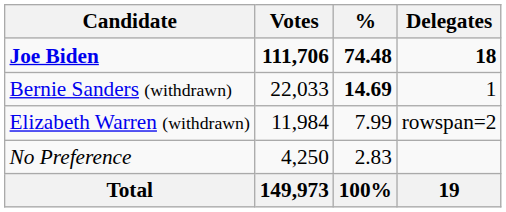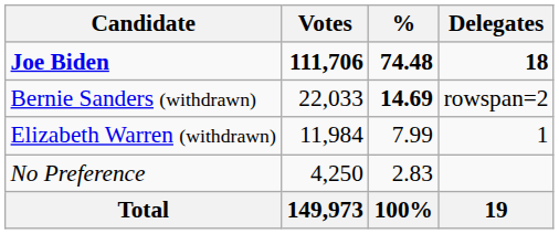 <table class="wikitable sortable" style="text-align:right;">
 <tr>
 <th>Candidate</th>
 <th>Votes</th>
 <th>%</th>
 <th>Delegates</th>
 </tr>
 <tr>
 <td style="text-align:left;" data-sort-value="Biden, Joe"><strong><a href='#'>Joe Biden</a></strong></td>
 <td><strong>111,706</strong></td>
 <td><strong>74.48</strong></td>
 <td><strong>18</strong></td>
 </tr>
 <tr>
 <td style="text-align:left;" data-sort-value="Sanders, Bernie"><a href='#'>Bernie Sanders</a> <small>(withdrawn)</small></td>
 <td>22,033</td>
 <td><strong>14.69</strong></td>
-<td>1</td>
+<td>rowspan=2 </td>
 </tr>
 <tr>
 <td style="text-align:left;" data-sort-value="Warren, Elizabeth"><a href='#'>Elizabeth Warren</a> <small>(withdrawn)</small></td>
 <td>11,984</td>
 <td>7.99</td>
-<td>rowspan=2 </td>
+<td>1</td>
 </tr>
 <tr>
 <td style="text-align:left;" data-sort-value="ZZ"><em>No Preference</em></td>
 <td>4,250</td>
 <td>2.83</td>
 </tr>
 <tr>
 <th>Total</th>
 <th>149,973</th>
 <th>100%</th>
 <th>19</th>
 </tr>
 </table>
